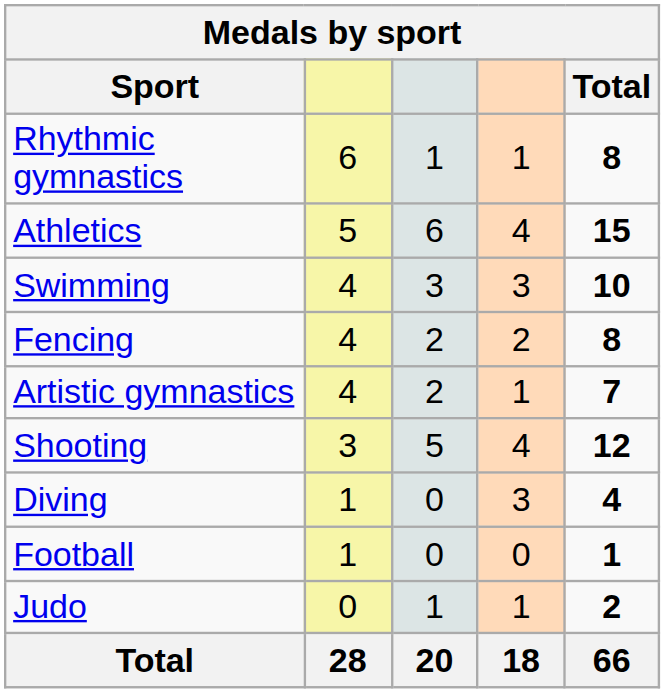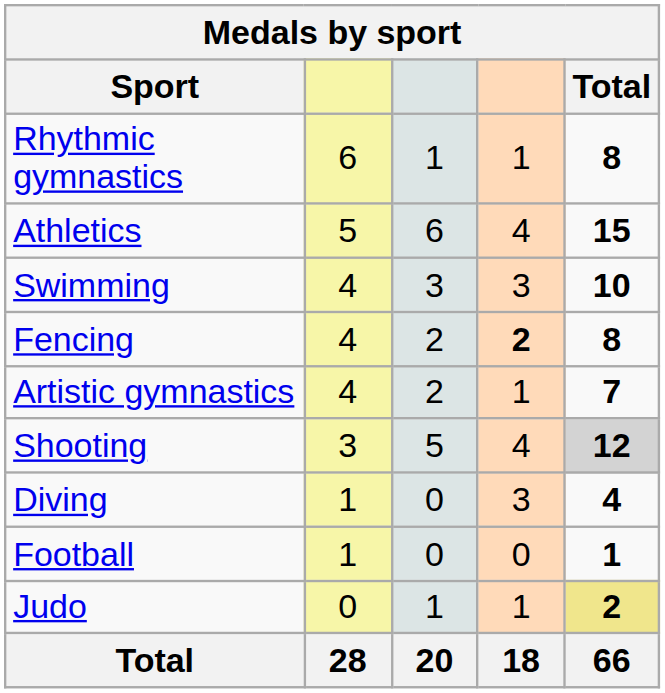 <table class="wikitable" style="font-size:90%; text-align:center;">
 <tr>
 <th colspan=5>Medals by sport</th>
 </tr>
 <tr>
 <th width=120>Sport</th>
 <th scope="col" width=30 style="background:#F7F6A8;"></th>
 <th scope="col" width=30 style="background:#DCE5E5;"></th>
 <th scope="col" width=30 style="background:#FFDAB9;"></th>
 <th width=30>Total</th>
 </tr>
 <tr>
 <td align=left><a href='#'>Rhythmic gymnastics</a></td>
 <td style="background:#F7F6A8;">6</td>
 <td style="background:#DCE5E5;">1</td>
 <td style="background:#FFDAB9;">1</td>
 <td><strong>8</strong></td>
 </tr>
 <tr>
 <td align=left><a href='#'>Athletics</a></td>
 <td style="background:#F7F6A8;">5</td>
 <td style="background:#DCE5E5;">6</td>
 <td style="background:#FFDAB9;">4</td>
 <td><strong>15</strong></td>
 </tr>
 <tr>
 <td align=left><a href='#'>Swimming</a></td>
 <td style="background:#F7F6A8;">4</td>
 <td style="background:#DCE5E5;">3</td>
 <td style="background:#FFDAB9;">3</td>
 <td><strong>10</strong></td>
 </tr>
 <tr>
 <td align=left><a href='#'>Fencing</a></td>
 <td style="background:#F7F6A8;">4</td>
 <td style="background:#DCE5E5;">2</td>
-<td style="background:#FFDAB9;">2</td>
+<td style="background:#FFDAB9;"><strong>2</strong></td>
 <td><strong>8</strong></td>
 </tr>
 <tr>
 <td align=left><a href='#'>Artistic gymnastics</a></td>
 <td style="background:#F7F6A8;">4</td>
 <td style="background:#DCE5E5;">2</td>
 <td style="background:#FFDAB9;">1</td>
 <td><strong>7</strong></td>
 </tr>
 <tr>
 <td align=left><a href='#'>Shooting</a></td>
 <td style="background:#F7F6A8;">3</td>
 <td style="background:#DCE5E5;">5</td>
 <td style="background:#FFDAB9;">4</td>
-<td><strong>12</strong></td>
+<td style="background: lightgrey;"><strong>12</strong></td>
 </tr>
 <tr>
 <td align=left><a href='#'>Diving</a></td>
 <td style="background:#F7F6A8;">1</td>
 <td style="background:#DCE5E5;">0</td>
 <td style="background:#FFDAB9;">3</td>
 <td><strong>4</strong></td>
 </tr>
 <tr>
 <td align=left><a href='#'>Football</a></td>
 <td style="background:#F7F6A8;">1</td>
 <td style="background:#DCE5E5;">0</td>
 <td style="background:#FFDAB9;">0</td>
 <td><strong>1</strong></td>
 </tr>
 <tr>
 <td align=left><a href='#'>Judo</a></td>
 <td style="background:#F7F6A8;">0</td>
 <td style="background:#DCE5E5;">1</td>
 <td style="background:#FFDAB9;">1</td>
-<td><strong>2</strong></td>
+<td style="background: khaki;"><strong>2</strong></td>
 </tr>
 <tr class="sortbottom">
 <th>Total</th>
 <th>28</th>
 <th>20</th>
 <th>18</th>
 <th>66</th>
 </tr>
 </table>
